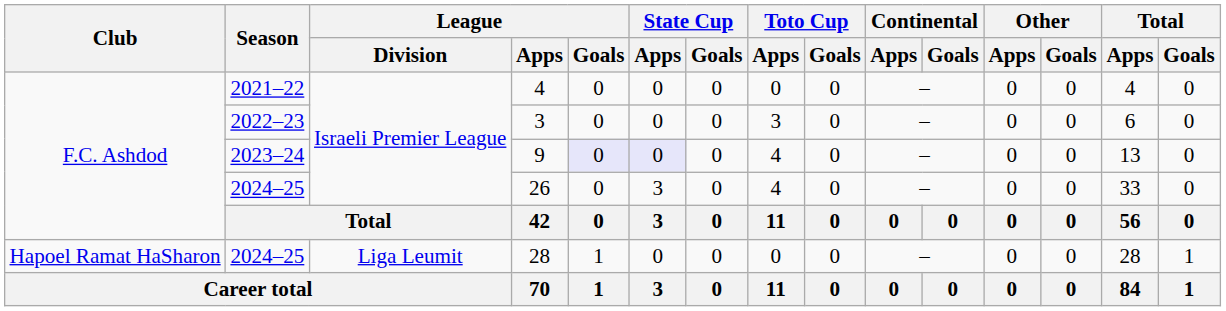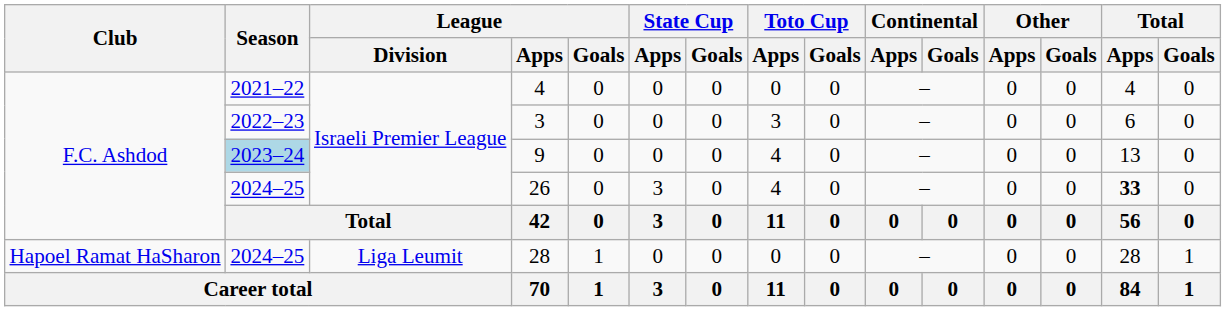 <table class="wikitable" style="text-align: center">
 <tr>
 <th rowspan="2">Club</th>
 <th rowspan="2">Season</th>
 <th colspan="3">League</th>
 <th colspan="2"><a href='#'>State Cup</a></th>
 <th colspan="2"><a href='#'>Toto Cup</a></th>
 <th colspan="2">Continental</th>
 <th colspan="2">Other</th>
 <th colspan="2">Total</th>
 </tr>
 <tr>
 <th>Division</th>
 <th>Apps</th>
 <th>Goals</th>
 <th>Apps</th>
 <th>Goals</th>
 <th>Apps</th>
 <th>Goals</th>
 <th>Apps</th>
 <th>Goals</th>
 <th>Apps</th>
 <th>Goals</th>
 <th>Apps</th>
 <th>Goals</th>
 </tr>
 <tr>
 <td rowspan="5"><a href='#'>F.C. Ashdod</a></td>
 <td><a href='#'>2021–22</a></td>
 <td rowspan="4"><a href='#'>Israeli Premier League</a></td>
 <td>4</td>
 <td>0</td>
 <td>0</td>
 <td>0</td>
 <td>0</td>
 <td>0</td>
 <td colspan="2">–</td>
 <td>0</td>
 <td>0</td>
 <td>4</td>
 <td>0</td>
 </tr>
 <tr>
 <td><a href='#'>2022–23</a></td>
 <td>3</td>
 <td>0</td>
 <td>0</td>
 <td>0</td>
 <td>3</td>
 <td>0</td>
 <td colspan="2">–</td>
 <td>0</td>
 <td>0</td>
 <td>6</td>
 <td>0</td>
 </tr>
 <tr>
-<td><a href='#'>2023–24</a></td>
+<td style="background: lightblue;"><a href='#'>2023–24</a></td>
 <td>9</td>
-<td style="background: lavender;">0</td>
-<td style="background: lavender;">0</td>
+<td>0</td>
+<td>0</td>
 <td>0</td>
 <td>4</td>
 <td>0</td>
 <td colspan="2">–</td>
 <td>0</td>
 <td>0</td>
 <td>13</td>
 <td>0</td>
 </tr>
 <tr>
 <td><a href='#'>2024–25</a></td>
 <td>26</td>
 <td>0</td>
 <td>3</td>
 <td>0</td>
 <td>4</td>
 <td>0</td>
 <td colspan="2">–</td>
 <td>0</td>
 <td>0</td>
-<td>33</td>
+<td><strong>33</strong></td>
 <td>0</td>
 </tr>
 <tr>
 <th colspan="2"><strong>Total</strong></th>
 <th>42</th>
 <th>0</th>
 <th>3</th>
 <th>0</th>
 <th>11</th>
 <th>0</th>
 <th>0</th>
 <th>0</th>
 <th>0</th>
 <th>0</th>
 <th>56</th>
 <th>0</th>
 </tr>
 <tr>
 <td rowspan="1"><a href='#'>Hapoel Ramat HaSharon</a></td>
 <td><a href='#'>2024–25</a></td>
 <td rowspan="1"><a href='#'>Liga Leumit</a></td>
 <td>28</td>
 <td>1</td>
 <td>0</td>
 <td>0</td>
 <td>0</td>
 <td>0</td>
 <td colspan="2">–</td>
 <td>0</td>
 <td>0</td>
 <td>28</td>
 <td>1</td>
 </tr>
 <tr>
 <th colspan="3"><strong>Career total</strong></th>
 <th>70</th>
 <th>1</th>
 <th>3</th>
 <th>0</th>
 <th>11</th>
 <th>0</th>
 <th>0</th>
 <th>0</th>
 <th>0</th>
 <th>0</th>
 <th>84</th>
 <th>1</th>
 </tr>
 </table>
